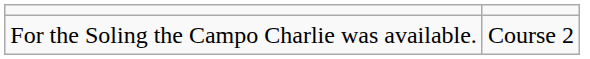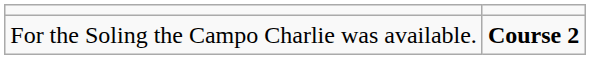 <table class="wikitable" style="text-align:center;">
 <tr>
 <td></td>
 <td></td>
 </tr>
 <tr>
 <td>For the Soling the Campo Charlie was available.</td>
-<td>Course 2</td>
+<td><strong>Course 2</strong></td>
 </tr>
 </table>
